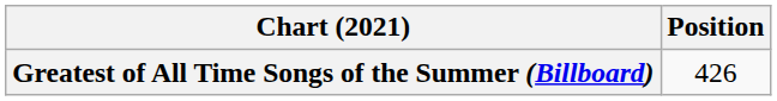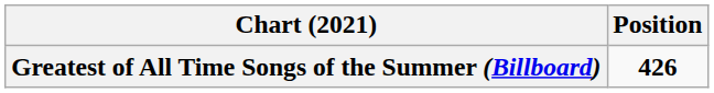 <table class="wikitable plainrowheaders" style="text-align:center">
 <tr>
 <th>Chart (2021)</th>
 <th>Position</th>
 </tr>
 <tr>
 <th scope="row">Greatest of All Time Songs of the Summer <em>(<a href='#'>Billboard</a>)</em></th>
-<td>426</td>
+<td><strong>426</strong></td>
 </tr>
 </table>
